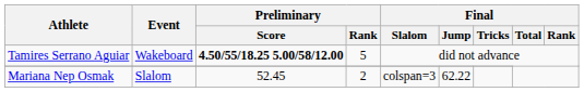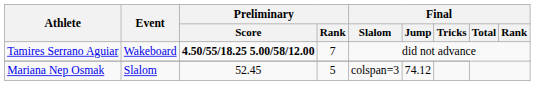 <table class=wikitable style=font-size:90%;text-align:center>
 <tr>
 <th rowspan=2>Athlete</th>
 <th rowspan=2>Event</th>
 <th colspan=2>Preliminary</th>
 <th colspan=5>Final</th>
 </tr>
 <tr style=font-size:95%>
 <th>Score</th>
 <th>Rank</th>
 <th>Slalom</th>
 <th>Jump</th>
 <th>Tricks</th>
 <th>Total</th>
 <th>Rank</th>
 </tr>
 <tr>
 <td align=left><a href='#'>Tamires Serrano Aguiar</a></td>
 <td align=left><a href='#'>Wakeboard</a></td>
 <td><strong>4.50/55/18.25	5.00/58/12.00</strong></td>
-<td>5</td>
+<td>7</td>
 <td colspan=5>did not advance</td>
 </tr>
 <tr>
 </tr>
 <tr>
 <td align=left><a href='#'>Mariana Nep Osmak</a></td>
 <td align=left><a href='#'>Slalom</a></td>
 <td>52.45</td>
-<td>2</td>
+<td>5</td>
 <td>colspan=3 </td>
-<td>62.22</td>
+<td>74.12</td>
 <td></td>
 </tr>
 </table>
